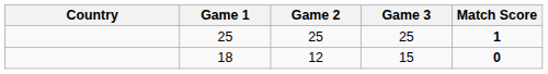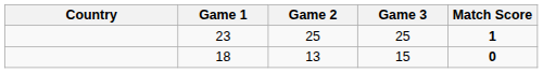 <table class=wikitable style="text-align:center">
 <tr>
 <th>Country</th>
 <th>Game 1</th>
 <th>Game 2</th>
 <th>Game 3</th>
 <th>Match Score</th>
 </tr>
 <tr>
 <td width=200></td>
-<td width=100>25</td>
+<td width=100>23</td>
 <td width=100>25</td>
 <td width=100>25</td>
 <td width=100><strong>1</strong></td>
 </tr>
 <tr>
 <td></td>
 <td>18</td>
-<td>12</td>
+<td>13</td>
 <td>15</td>
 <td><strong>0</strong></td>
 </tr>
 </table>
